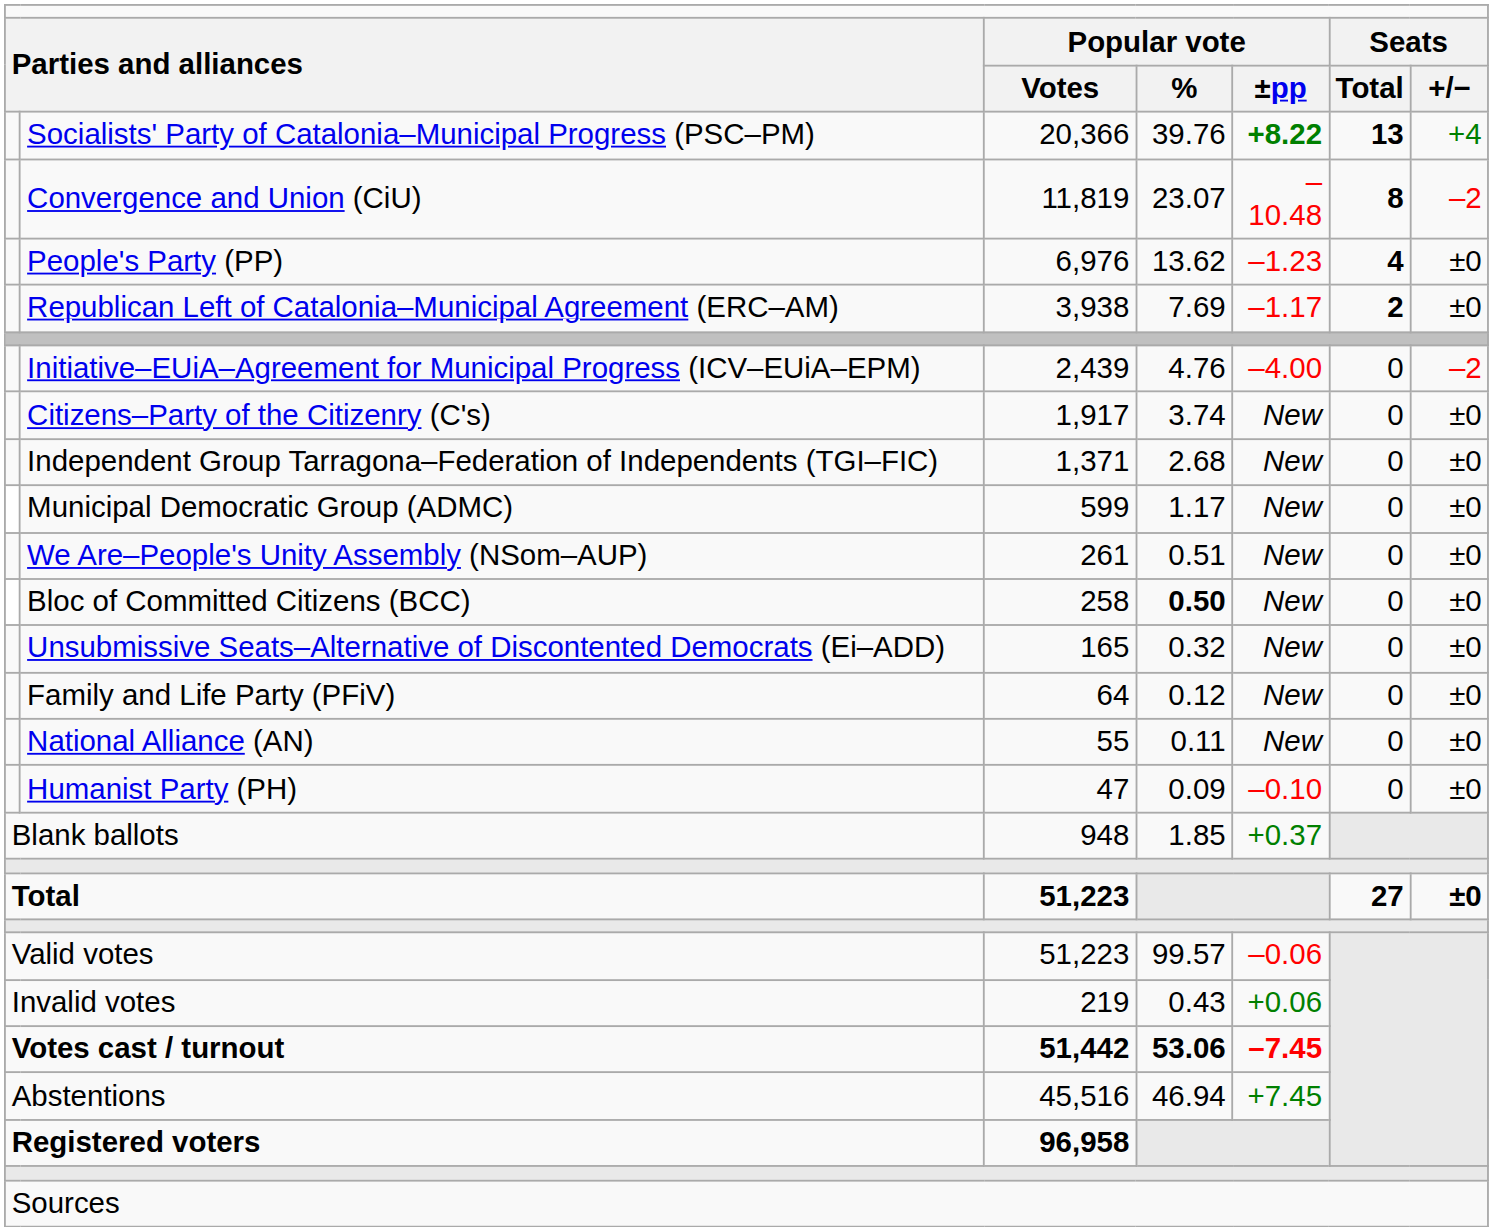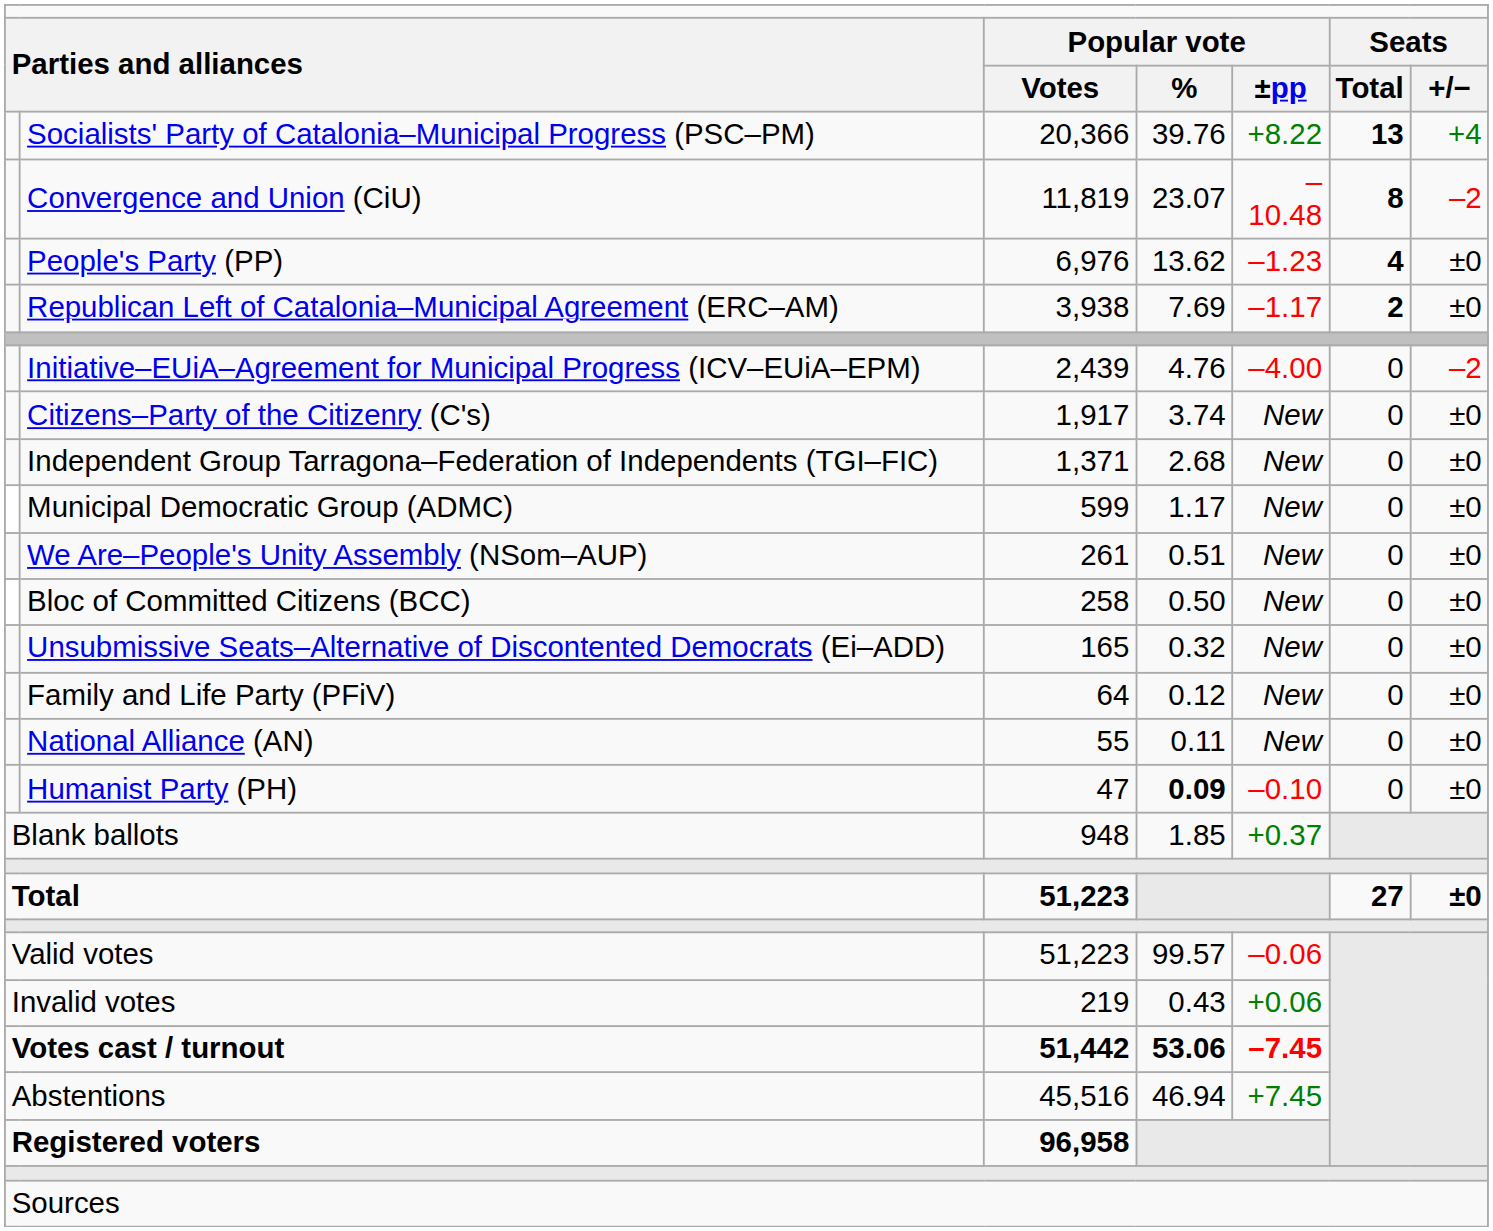 <table class="wikitable" style="text-align:right;">
 <tr>
 <td colspan="7"></td>
 </tr>
 <tr>
 <th style="text-align:left;" rowspan="2" colspan="2" width="525">Parties and alliances</th>
 <th colspan="3">Popular vote</th>
 <th colspan="2">Seats</th>
 </tr>
 <tr>
 <th width="75">Votes</th>
 <th width="45">%</th>
 <th width="45">±<a href='#'>pp</a></th>
 <th width="35">Total</th>
 <th width="35">+/−</th>
 </tr>
 <tr>
 <td width="1" style="color:inherit;background:"></td>
 <td align="left"><a href='#'>Socialists' Party of Catalonia–Municipal Progress</a> (PSC–PM)</td>
 <td>20,366</td>
 <td>39.76</td>
-<td style="color:green;"><strong>+8.22</strong></td>
+<td style="color:green;">+8.22</td>
 <td><strong>13</strong></td>
 <td style="color:green;">+4</td>
 </tr>
 <tr>
 <td style="color:inherit;background:"></td>
 <td align="left"><a href='#'>Convergence and Union</a> (CiU)</td>
 <td>11,819</td>
 <td>23.07</td>
 <td style="color:red;">–10.48</td>
 <td><strong>8</strong></td>
 <td style="color:red;">–2</td>
 </tr>
 <tr>
 <td style="color:inherit;background:"></td>
 <td align="left"><a href='#'>People's Party</a> (PP)</td>
 <td>6,976</td>
 <td>13.62</td>
 <td style="color:red;">–1.23</td>
 <td><strong>4</strong></td>
 <td>±0</td>
 </tr>
 <tr>
 <td style="color:inherit;background:"></td>
 <td align="left"><a href='#'>Republican Left of Catalonia–Municipal Agreement</a> (ERC–AM)</td>
 <td>3,938</td>
 <td>7.69</td>
 <td style="color:red;">–1.17</td>
 <td><strong>2</strong></td>
 <td>±0</td>
 </tr>
 <tr>
 <td colspan="7" style="color:inherit;background:#C0C0C0"></td>
 </tr>
 <tr>
 <td style="color:inherit;background:"></td>
 <td align="left"><a href='#'>Initiative–EUiA–Agreement for Municipal Progress</a> (ICV–EUiA–EPM)</td>
 <td>2,439</td>
 <td>4.76</td>
 <td style="color:red;">–4.00</td>
 <td>0</td>
 <td style="color:red;">–2</td>
 </tr>
 <tr>
 <td style="color:inherit;background:"></td>
 <td align="left"><a href='#'>Citizens–Party of the Citizenry</a> (C's)</td>
 <td>1,917</td>
 <td>3.74</td>
 <td><em>New</em></td>
 <td>0</td>
 <td>±0</td>
 </tr>
 <tr>
 <td style="color:inherit;background:"></td>
 <td align="left">Independent Group Tarragona–Federation of Independents (TGI–FIC)</td>
 <td>1,371</td>
 <td>2.68</td>
 <td><em>New</em></td>
 <td>0</td>
 <td>±0</td>
 </tr>
 <tr>
 <td bgcolor="white"></td>
 <td align="left">Municipal Democratic Group (ADMC)</td>
 <td>599</td>
 <td>1.17</td>
 <td><em>New</em></td>
 <td>0</td>
 <td>±0</td>
 </tr>
 <tr>
 <td style="color:inherit;background:"></td>
 <td align="left"><a href='#'>We Are–People's Unity Assembly</a> (NSom–AUP)</td>
 <td>261</td>
 <td>0.51</td>
 <td><em>New</em></td>
 <td>0</td>
 <td>±0</td>
 </tr>
 <tr>
 <td bgcolor="white"></td>
 <td align="left">Bloc of Committed Citizens (BCC)</td>
 <td>258</td>
-<td><strong>0.50</strong></td>
+<td>0.50</td>
 <td><em>New</em></td>
 <td>0</td>
 <td>±0</td>
 </tr>
 <tr>
 <td style="color:inherit;background:"></td>
 <td align="left"><a href='#'>Unsubmissive Seats–Alternative of Discontented Democrats</a> (Ei–ADD)</td>
 <td>165</td>
 <td>0.32</td>
 <td><em>New</em></td>
 <td>0</td>
 <td>±0</td>
 </tr>
 <tr>
 <td style="color:inherit;background:"></td>
 <td align="left">Family and Life Party (PFiV)</td>
 <td>64</td>
 <td>0.12</td>
 <td><em>New</em></td>
 <td>0</td>
 <td>±0</td>
 </tr>
 <tr>
 <td style="color:inherit;background:"></td>
 <td align="left"><a href='#'>National Alliance</a> (AN)</td>
 <td>55</td>
 <td>0.11</td>
 <td><em>New</em></td>
 <td>0</td>
 <td>±0</td>
 </tr>
 <tr>
 <td style="color:inherit;background:"></td>
 <td align="left"><a href='#'>Humanist Party</a> (PH)</td>
 <td>47</td>
-<td>0.09</td>
+<td><strong>0.09</strong></td>
 <td style="color:red;">–0.10</td>
 <td>0</td>
 <td>±0</td>
 </tr>
 <tr>
 <td align="left" colspan="2">Blank ballots</td>
 <td>948</td>
 <td>1.85</td>
 <td style="color:green;">+0.37</td>
 <td style="color:inherit;background:#E9E9E9" colspan="2"></td>
 </tr>
 <tr>
 <td colspan="7" style="color:inherit;background:#E9E9E9"></td>
 </tr>
 <tr style="font-weight:bold;">
 <td align="left" colspan="2">Total</td>
 <td>51,223</td>
 <td bgcolor="#E9E9E9" colspan="2"></td>
 <td>27</td>
 <td>±0</td>
 </tr>
 <tr>
 <td colspan="7" style="color:inherit;background:#E9E9E9"></td>
 </tr>
 <tr>
 <td align="left" colspan="2">Valid votes</td>
 <td>51,223</td>
 <td>99.57</td>
 <td style="color:red;">–0.06</td>
 <td bgcolor="#E9E9E9" colspan="2" rowspan="5"></td>
 </tr>
 <tr>
 <td align="left" colspan="2">Invalid votes</td>
 <td>219</td>
 <td>0.43</td>
 <td style="color:green;">+0.06</td>
 </tr>
 <tr style="font-weight:bold;">
 <td align="left" colspan="2">Votes cast / turnout</td>
 <td>51,442</td>
 <td>53.06</td>
 <td style="color:red;">–7.45</td>
 </tr>
 <tr>
 <td align="left" colspan="2">Abstentions</td>
 <td>45,516</td>
 <td>46.94</td>
 <td style="color:green;">+7.45</td>
 </tr>
 <tr style="font-weight:bold;">
 <td align="left" colspan="2">Registered voters</td>
 <td>96,958</td>
 <td bgcolor="#E9E9E9" colspan="2"></td>
 </tr>
 <tr>
 <td colspan="7" style="color:inherit;background:#E9E9E9"></td>
 </tr>
 <tr>
 <td align="left" colspan="7">Sources</td>
 </tr>
 </table>
